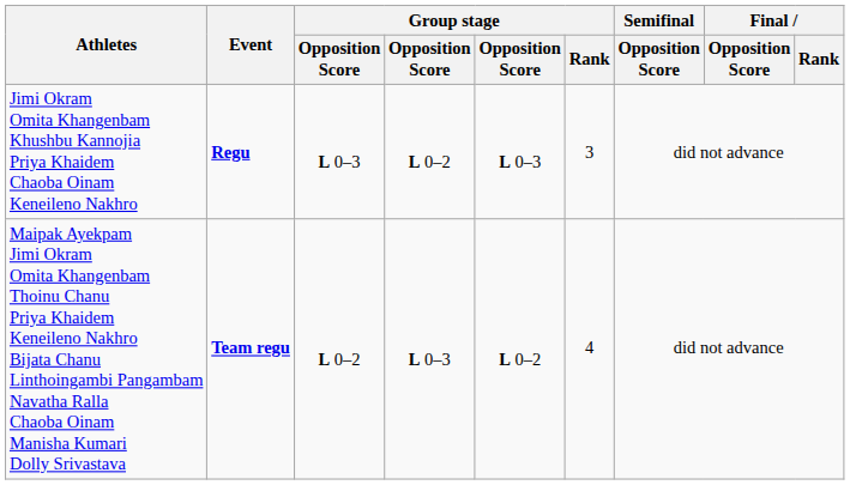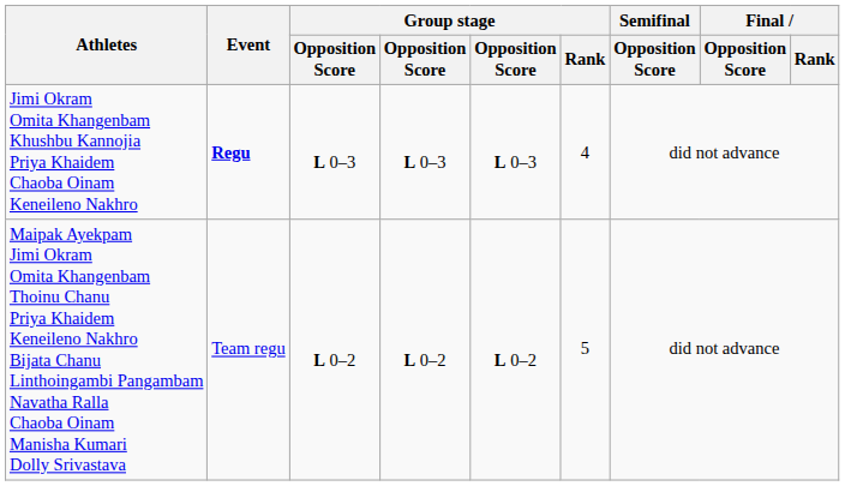 <table class=wikitable style=font-size:88%;text-align:center>
 <tr>
 <th rowspan=2>Athletes</th>
 <th rowspan=2>Event</th>
 <th colspan=4>Group stage</th>
 <th>Semifinal</th>
 <th colspan=2>Final / </th>
 </tr>
 <tr>
 <th>Opposition<br>Score</th>
 <th>Opposition<br>Score</th>
 <th>Opposition<br>Score</th>
 <th>Rank</th>
 <th>Opposition<br>Score</th>
 <th>Opposition<br>Score</th>
 <th>Rank</th>
 </tr>
 <tr>
 <td align=left><a href='#'>Jimi Okram</a><br><a href='#'>Omita Khangenbam</a><br><a href='#'>Khushbu Kannojia</a><br><a href='#'>Priya Khaidem</a><br><a href='#'>Chaoba Oinam</a><br><a href='#'>Keneileno Nakhro</a></td>
 <td align=left><strong><a href='#'>Regu</a></strong></td>
 <td><br><strong>L</strong> 0–3</td>
-<td><br><strong>L</strong> 0–2</td>
 <td><br><strong>L</strong> 0–3</td>
-<td>3</td>
+<td><br><strong>L</strong> 0–3</td>
+<td>4</td>
 <td colspan=3>did not advance</td>
 </tr>
 <tr>
 <td align=left><a href='#'>Maipak Ayekpam</a><br><a href='#'>Jimi Okram</a><br><a href='#'>Omita Khangenbam</a><br><a href='#'>Thoinu Chanu</a><br><a href='#'>Priya Khaidem</a><br><a href='#'>Keneileno Nakhro</a><br><a href='#'>Bijata Chanu</a><br><a href='#'>Linthoingambi Pangambam</a><br><a href='#'>Navatha Ralla</a><br><a href='#'>Chaoba Oinam</a><br><a href='#'>Manisha Kumari</a><br><a href='#'>Dolly Srivastava</a></td>
-<td align=left><strong><a href='#'>Team regu</a></strong></td>
+<td align=left><a href='#'>Team regu</a></td>
 <td><br><strong>L</strong> 0–2</td>
-<td><br><strong>L</strong> 0–3</td>
 <td><br><strong>L</strong> 0–2</td>
-<td>4</td>
+<td><br><strong>L</strong> 0–2</td>
+<td>5</td>
 <td colspan=3>did not advance</td>
 </tr>
 </table>
